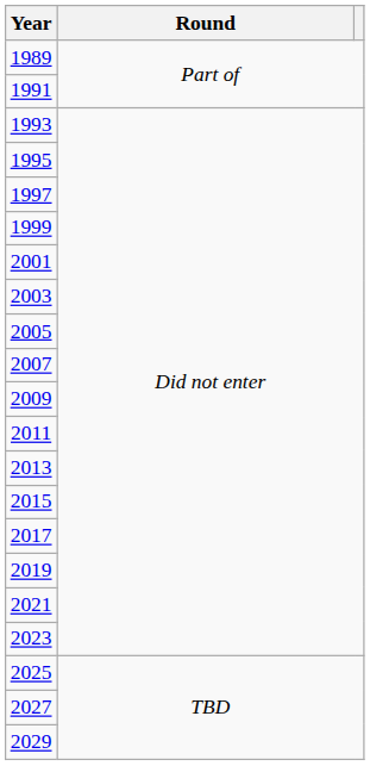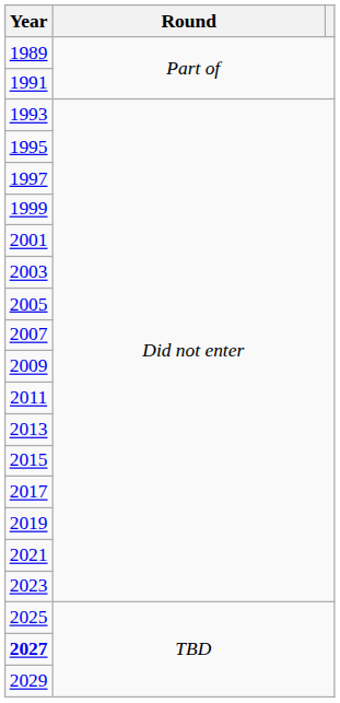 <table class="wikitable" style="text-align: center; font-size:90%">
 <tr>
 <th>Year</th>
 <th style="width:200px">Round</th>
 <th></th>
 </tr>
 <tr>
 <td><a href='#'>1989</a></td>
 <td colspan="2" rowspan="2"><em>Part of </em></td>
 </tr>
 <tr>
 <td><a href='#'>1991</a></td>
 </tr>
 <tr>
 <td><a href='#'>1993</a></td>
 <td colspan="2" rowspan="16"><em>Did not enter</em></td>
 </tr>
 <tr>
 <td><a href='#'>1995</a></td>
 </tr>
 <tr>
 <td><a href='#'>1997</a></td>
 </tr>
 <tr>
 <td><a href='#'>1999</a></td>
 </tr>
 <tr>
 <td><a href='#'>2001</a></td>
 </tr>
 <tr>
 <td><a href='#'>2003</a></td>
 </tr>
 <tr>
 <td><a href='#'>2005</a></td>
 </tr>
 <tr>
 <td><a href='#'>2007</a></td>
 </tr>
 <tr>
 <td><a href='#'>2009</a></td>
 </tr>
 <tr>
 <td><a href='#'>2011</a></td>
 </tr>
 <tr>
 <td><a href='#'>2013</a></td>
 </tr>
 <tr>
 <td><a href='#'>2015</a></td>
 </tr>
 <tr>
 <td><a href='#'>2017</a></td>
 </tr>
 <tr>
 <td><a href='#'>2019</a></td>
 </tr>
 <tr>
 <td><a href='#'>2021</a></td>
 </tr>
 <tr>
 <td><a href='#'>2023</a></td>
 </tr>
 <tr>
 <td><a href='#'>2025</a></td>
 <td colspan="2" rowspan="3"><em>TBD</em></td>
 </tr>
 <tr>
-<td><a href='#'>2027</a></td>
+<td><strong><a href='#'>2027</a></strong></td>
 </tr>
 <tr>
 <td><a href='#'>2029</a></td>
 </tr>
 </table>
